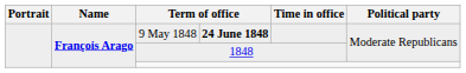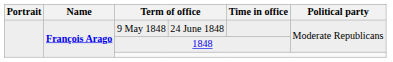 <table class="wikitable">
 <tr>
 <th>Portrait</th>
 <th>Name<br></th>
 <th colspan=2>Term of office</th>
 <th>Time in office</th>
 <th>Political party</th>
 </tr>
 <tr bgcolor=#EEEEEE>
 <td rowspan=3></td>
 <td rowspan=3 align=center><strong><a href='#'>François Arago</a></strong><br></td>
 <td>9 May 1848</td>
-<td><strong>24 June 1848</strong></td>
+<td>24 June 1848</td>
 <td></td>
 <td rowspan=2>Moderate Republicans</td>
 </tr>
 <tr bgcolor=#EEEEEE>
 <td colspan=3 align=center><a href='#'>1848</a></td>
 </tr>
 <tr>
 <td colspan=4></td>
 </tr>
 </table>
